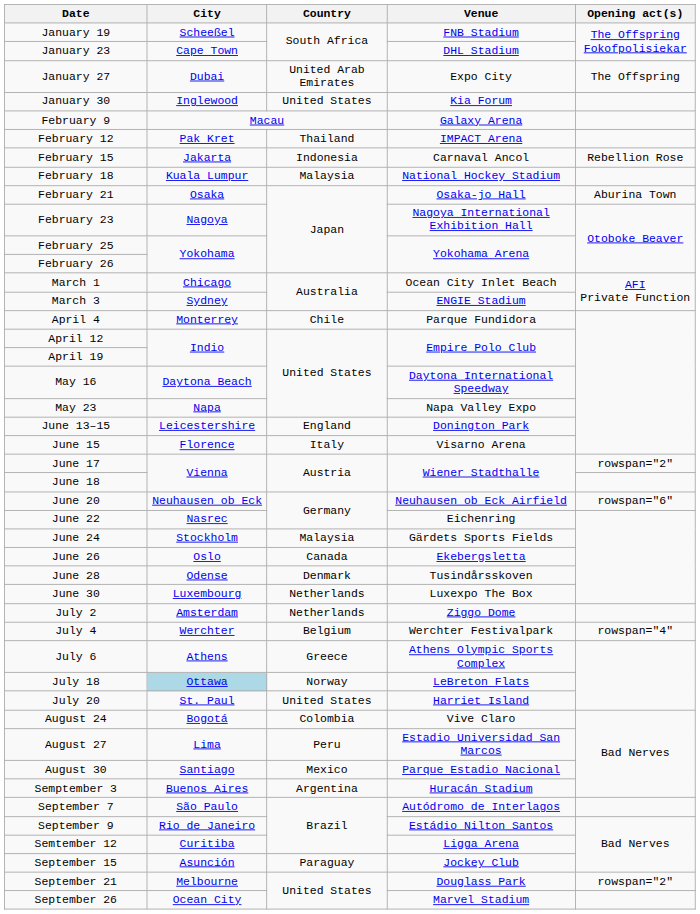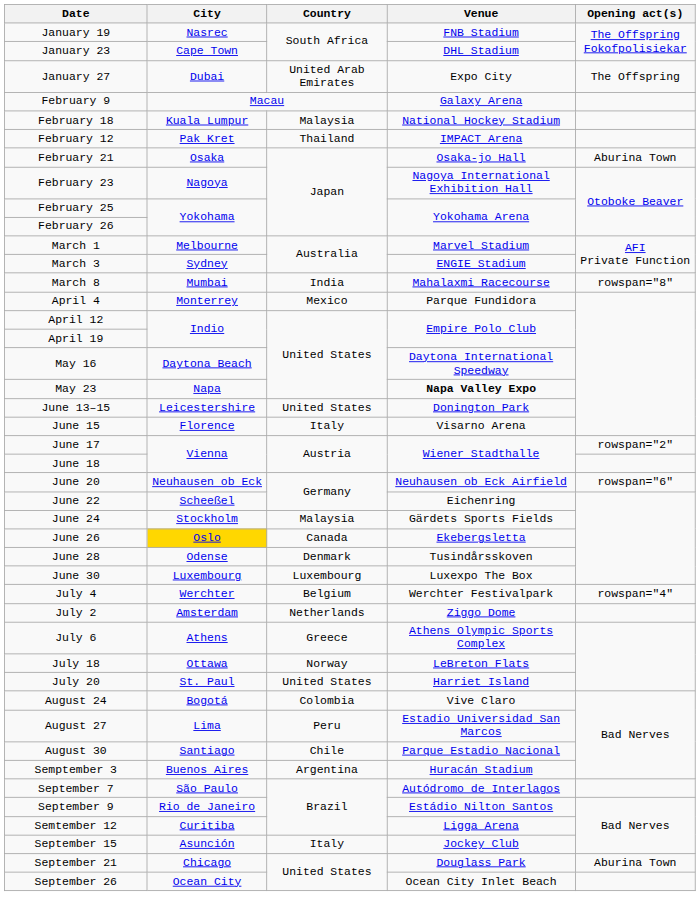 <table class="wikitable" style="text-align:center;">
 <tr>
 <th scope="col" style="width:12em;">Date</th>
 <th scope="col" style="width:10em;">City</th>
 <th scope="col" style="width:10em;">Country</th>
 <th scope="col" style="width:16em;">Venue</th>
 <th scope="col" style="width:10em;">Opening act(s)</th>
 </tr>
 <tr>
 <td>January 19</td>
-<td><a href='#'>Scheeßel</a></td>
+<td><a href='#'>Nasrec</a></td>
 <td rowspan="2">South Africa</td>
 <td><a href='#'>FNB Stadium</a></td>
 <td rowspan="2"><a href='#'>The Offspring</a><br><a href='#'>Fokofpolisiekar</a></td>
 </tr>
 <tr>
 <td>January 23</td>
 <td><a href='#'>Cape Town</a></td>
 <td><a href='#'>DHL Stadium</a></td>
 </tr>
 <tr>
 <td>January 27</td>
 <td><a href='#'>Dubai</a></td>
 <td>United Arab Emirates</td>
 <td>Expo City</td>
 <td>The Offspring</td>
 </tr>
 <tr>
-<td>January 30</td>
-<td><a href='#'>Inglewood</a></td>
-<td>United States</td>
-<td><a href='#'>Kia Forum</a></td>
+<td>February 9</td>
+<td colspan="2"><a href='#'>Macau</a></td>
+<td><a href='#'>Galaxy Arena</a></td>
 <td></td>
 </tr>
 <tr>
-<td>February 9</td>
-<td colspan="2"><a href='#'>Macau</a></td>
-<td><a href='#'>Galaxy Arena</a></td>
+<td>February 18</td>
+<td><a href='#'>Kuala Lumpur</a></td>
+<td>Malaysia</td>
+<td><a href='#'>National Hockey Stadium</a></td>
 <td></td>
 </tr>
 <tr>
 <td>February 12</td>
 <td><a href='#'>Pak Kret</a></td>
 <td>Thailand</td>
 <td><a href='#'>IMPACT Arena</a></td>
-<td></td>
-</tr>
-<tr>
-<td>February 15</td>
-<td><a href='#'>Jakarta</a></td>
-<td>Indonesia</td>
-<td>Carnaval Ancol</td>
-<td>Rebellion Rose</td>
-</tr>
-<tr>
-<td>February 18</td>
-<td><a href='#'>Kuala Lumpur</a></td>
-<td>Malaysia</td>
-<td><a href='#'>National Hockey Stadium</a></td>
 <td></td>
 </tr>
 <tr>
 <td>February 21</td>
 <td><a href='#'>Osaka</a></td>
 <td rowspan="4">Japan</td>
 <td><a href='#'>Osaka-jo Hall</a></td>
 <td>Aburina Town</td>
 </tr>
 <tr>
 <td>February 23</td>
 <td><a href='#'>Nagoya</a></td>
 <td><a href='#'>Nagoya International Exhibition Hall</a></td>
 <td rowspan="3"><a href='#'>Otoboke Beaver</a></td>
 </tr>
 <tr>
 <td>February 25</td>
 <td rowspan="2"><a href='#'>Yokohama</a></td>
 <td rowspan="2"><a href='#'>Yokohama Arena</a></td>
 </tr>
 <tr>
 <td>February 26</td>
 </tr>
 <tr>
 <td>March 1</td>
-<td><a href='#'>Chicago</a></td>
+<td><a href='#'>Melbourne</a></td>
 <td rowspan="2">Australia</td>
-<td>Ocean City Inlet Beach</td>
+<td><a href='#'>Marvel Stadium</a></td>
 <td rowspan="2"><a href='#'>AFI</a> <br> Private Function</td>
 </tr>
 <tr>
 <td>March 3</td>
 <td><a href='#'>Sydney</a></td>
 <td><a href='#'>ENGIE Stadium</a></td>
 </tr>
 <tr>
+<td>March 8</td>
+<td><a href='#'>Mumbai</a></td>
+<td>India</td>
+<td><a href='#'>Mahalaxmi Racecourse</a></td>
+<td>rowspan="8" </td>
+</tr>
+<tr>
 <td>April 4</td>
 <td><a href='#'>Monterrey</a></td>
-<td>Chile</td>
+<td>Mexico</td>
 <td>Parque Fundidora</td>
 </tr>
 <tr>
 <td>April 12</td>
 <td rowspan="2"><a href='#'>Indio</a></td>
 <td rowspan="4">United States</td>
 <td rowspan="2"><a href='#'>Empire Polo Club</a></td>
 </tr>
 <tr>
 <td>April 19</td>
 </tr>
 <tr>
 <td>May 16</td>
 <td><a href='#'>Daytona Beach</a></td>
 <td><a href='#'>Daytona International Speedway</a></td>
 </tr>
 <tr>
 <td>May 23</td>
 <td><a href='#'>Napa</a></td>
-<td>Napa Valley Expo</td>
+<td><strong>Napa Valley Expo</strong></td>
 </tr>
 <tr>
 <td>June 13–15</td>
 <td><a href='#'>Leicestershire</a></td>
-<td>England</td>
+<td>United States</td>
 <td><a href='#'>Donington Park</a></td>
 </tr>
 <tr>
 <td>June 15</td>
 <td><a href='#'>Florence</a></td>
 <td>Italy</td>
 <td>Visarno Arena</td>
 </tr>
 <tr>
 <td>June 17</td>
 <td rowspan="2"><a href='#'>Vienna</a></td>
 <td rowspan="2">Austria</td>
 <td rowspan="2"><a href='#'>Wiener Stadthalle</a></td>
 <td>rowspan="2" </td>
 </tr>
 <tr>
 <td>June 18</td>
 </tr>
 <tr>
 <td>June 20</td>
 <td><a href='#'>Neuhausen ob Eck</a></td>
 <td rowspan="2">Germany</td>
 <td><a href='#'>Neuhausen ob Eck Airfield</a></td>
 <td>rowspan="6" </td>
 </tr>
 <tr>
 <td>June 22</td>
-<td><a href='#'>Nasrec</a></td>
+<td><a href='#'>Scheeßel</a></td>
 <td>Eichenring</td>
 </tr>
 <tr>
 <td>June 24</td>
 <td><a href='#'>Stockholm</a></td>
 <td>Malaysia</td>
 <td>Gärdets Sports Fields</td>
 </tr>
 <tr>
 <td>June 26</td>
-<td><a href='#'>Oslo</a></td>
+<td style="background: gold;"><a href='#'>Oslo</a></td>
 <td>Canada</td>
 <td><a href='#'>Ekebergsletta</a></td>
 </tr>
 <tr>
 <td>June 28</td>
 <td><a href='#'>Odense</a></td>
 <td>Denmark</td>
 <td>Tusindårsskoven</td>
 </tr>
 <tr>
 <td>June 30</td>
 <td><a href='#'>Luxembourg</a></td>
-<td>Netherlands</td>
+<td>Luxembourg</td>
 <td>Luxexpo The Box</td>
+</tr>
+<tr>
+<td>July 4</td>
+<td><a href='#'>Werchter</a></td>
+<td>Belgium</td>
+<td>Werchter Festivalpark</td>
+<td>rowspan="4" </td>
 </tr>
 <tr>
 <td>July 2</td>
 <td><a href='#'>Amsterdam</a></td>
 <td>Netherlands</td>
 <td><a href='#'>Ziggo Dome</a></td>
 <td></td>
 </tr>
 <tr>
-<td>July 4</td>
-<td><a href='#'>Werchter</a></td>
-<td>Belgium</td>
-<td>Werchter Festivalpark</td>
-<td>rowspan="4" </td>
-</tr>
-<tr>
 <td>July 6</td>
 <td><a href='#'>Athens</a></td>
 <td>Greece</td>
 <td><a href='#'>Athens Olympic Sports Complex</a></td>
 </tr>
 <tr>
 <td>July 18</td>
-<td style="background: lightblue;"><a href='#'>Ottawa</a></td>
+<td><a href='#'>Ottawa</a></td>
 <td>Norway</td>
 <td><a href='#'>LeBreton Flats</a></td>
 </tr>
 <tr>
 <td>July 20</td>
 <td><a href='#'>St. Paul</a></td>
 <td>United States</td>
 <td><a href='#'>Harriet Island</a></td>
 </tr>
 <tr>
 <td>August 24</td>
 <td><a href='#'>Bogotá</a></td>
 <td>Colombia</td>
 <td>Vive Claro</td>
 <td rowspan="4">Bad Nerves</td>
 </tr>
 <tr>
 <td>August 27</td>
 <td><a href='#'>Lima</a></td>
 <td>Peru</td>
 <td><a href='#'>Estadio Universidad San Marcos</a></td>
 </tr>
 <tr>
 <td>August 30</td>
 <td><a href='#'>Santiago</a></td>
-<td>Mexico</td>
+<td>Chile</td>
 <td><a href='#'>Parque Estadio Nacional</a></td>
 </tr>
 <tr>
 <td>Semptember 3</td>
 <td><a href='#'>Buenos Aires</a></td>
 <td>Argentina</td>
 <td><a href='#'>Huracán Stadium</a></td>
 </tr>
 <tr>
 <td>September 7</td>
 <td><a href='#'>São Paulo</a></td>
 <td rowspan="3">Brazil</td>
 <td><a href='#'>Autódromo de Interlagos</a></td>
 <td></td>
 </tr>
 <tr>
 <td>September 9</td>
 <td><a href='#'>Rio de Janeiro</a></td>
 <td><a href='#'>Estádio Nilton Santos</a></td>
 <td rowspan="3">Bad Nerves</td>
 </tr>
 <tr>
 <td>Semtember 12</td>
 <td><a href='#'>Curitiba</a></td>
 <td><a href='#'>Ligga Arena</a></td>
 </tr>
 <tr>
 <td>September 15</td>
 <td><a href='#'>Asunción</a></td>
-<td>Paraguay</td>
+<td>Italy</td>
 <td><a href='#'>Jockey Club</a></td>
 </tr>
 <tr>
 <td>September 21</td>
-<td><a href='#'>Melbourne</a></td>
+<td><a href='#'>Chicago</a></td>
 <td rowspan="2">United States</td>
 <td><a href='#'>Douglass Park</a></td>
-<td>rowspan="2" </td>
+<td>Aburina Town</td>
 </tr>
 <tr>
 <td>September 26</td>
 <td><a href='#'>Ocean City</a></td>
-<td><a href='#'>Marvel Stadium</a></td>
+<td>Ocean City Inlet Beach</td>
 </tr>
 </table>
